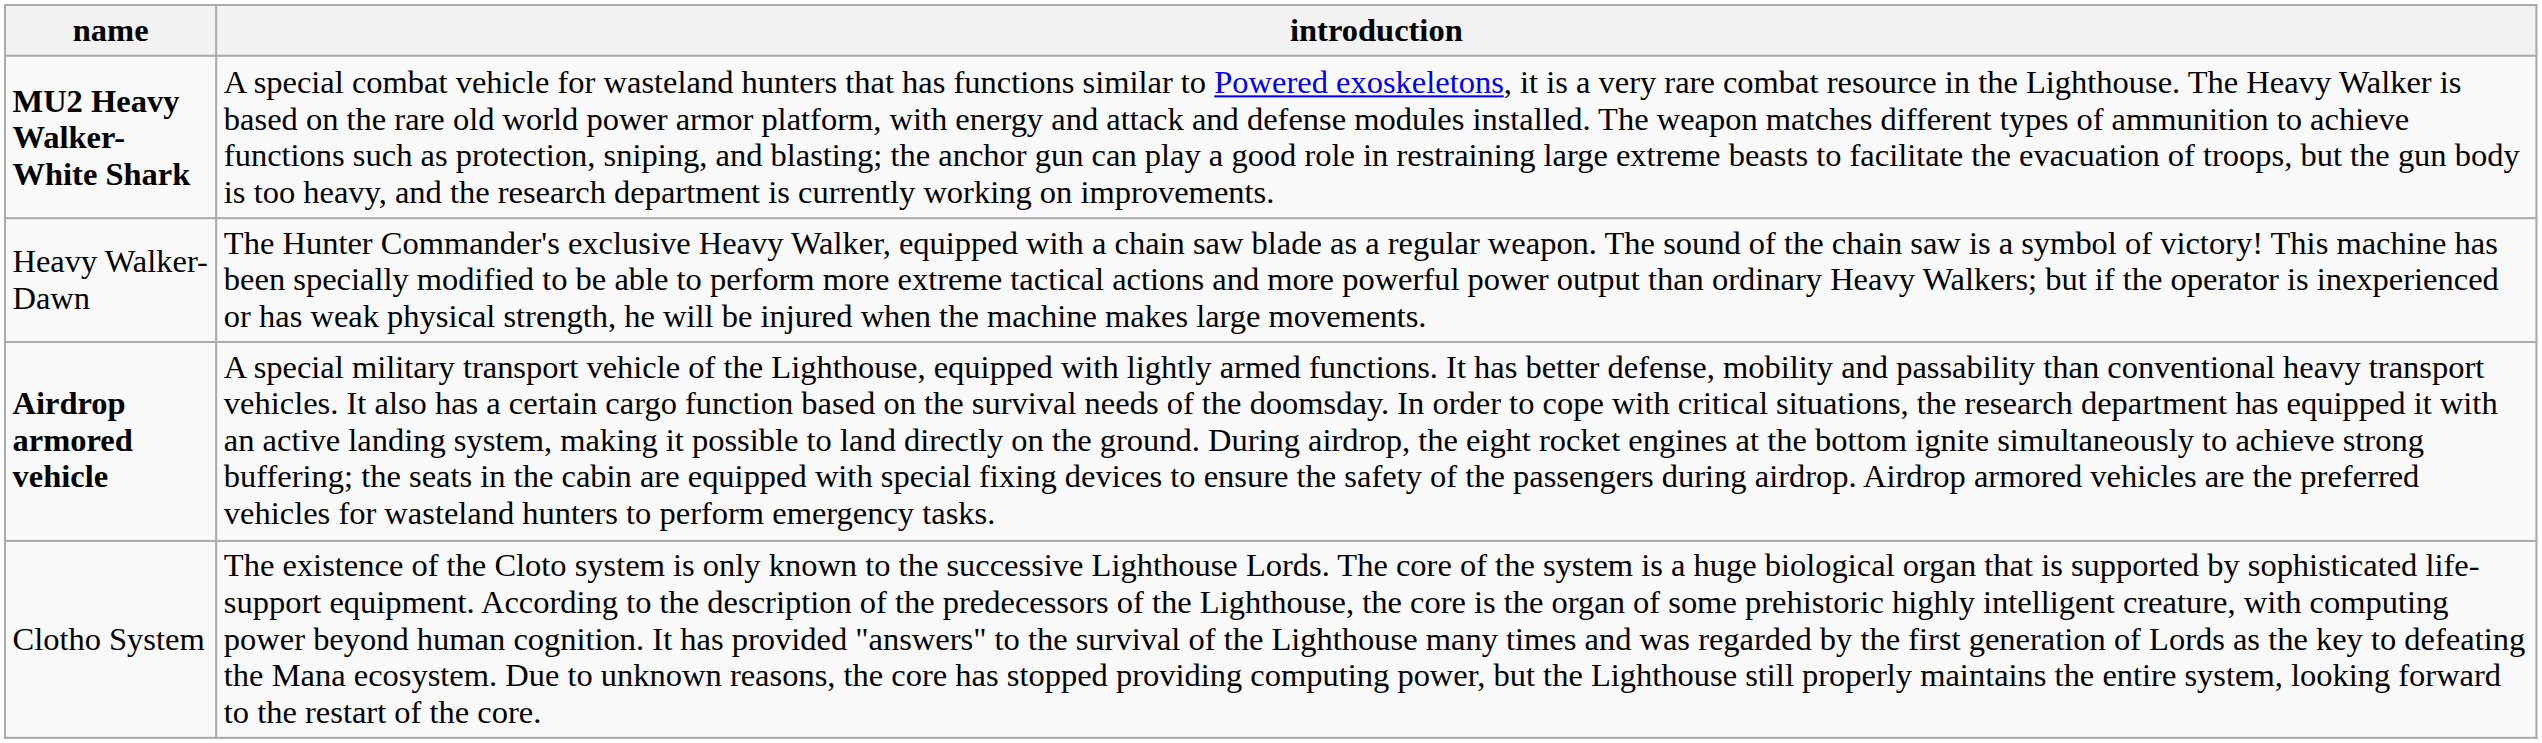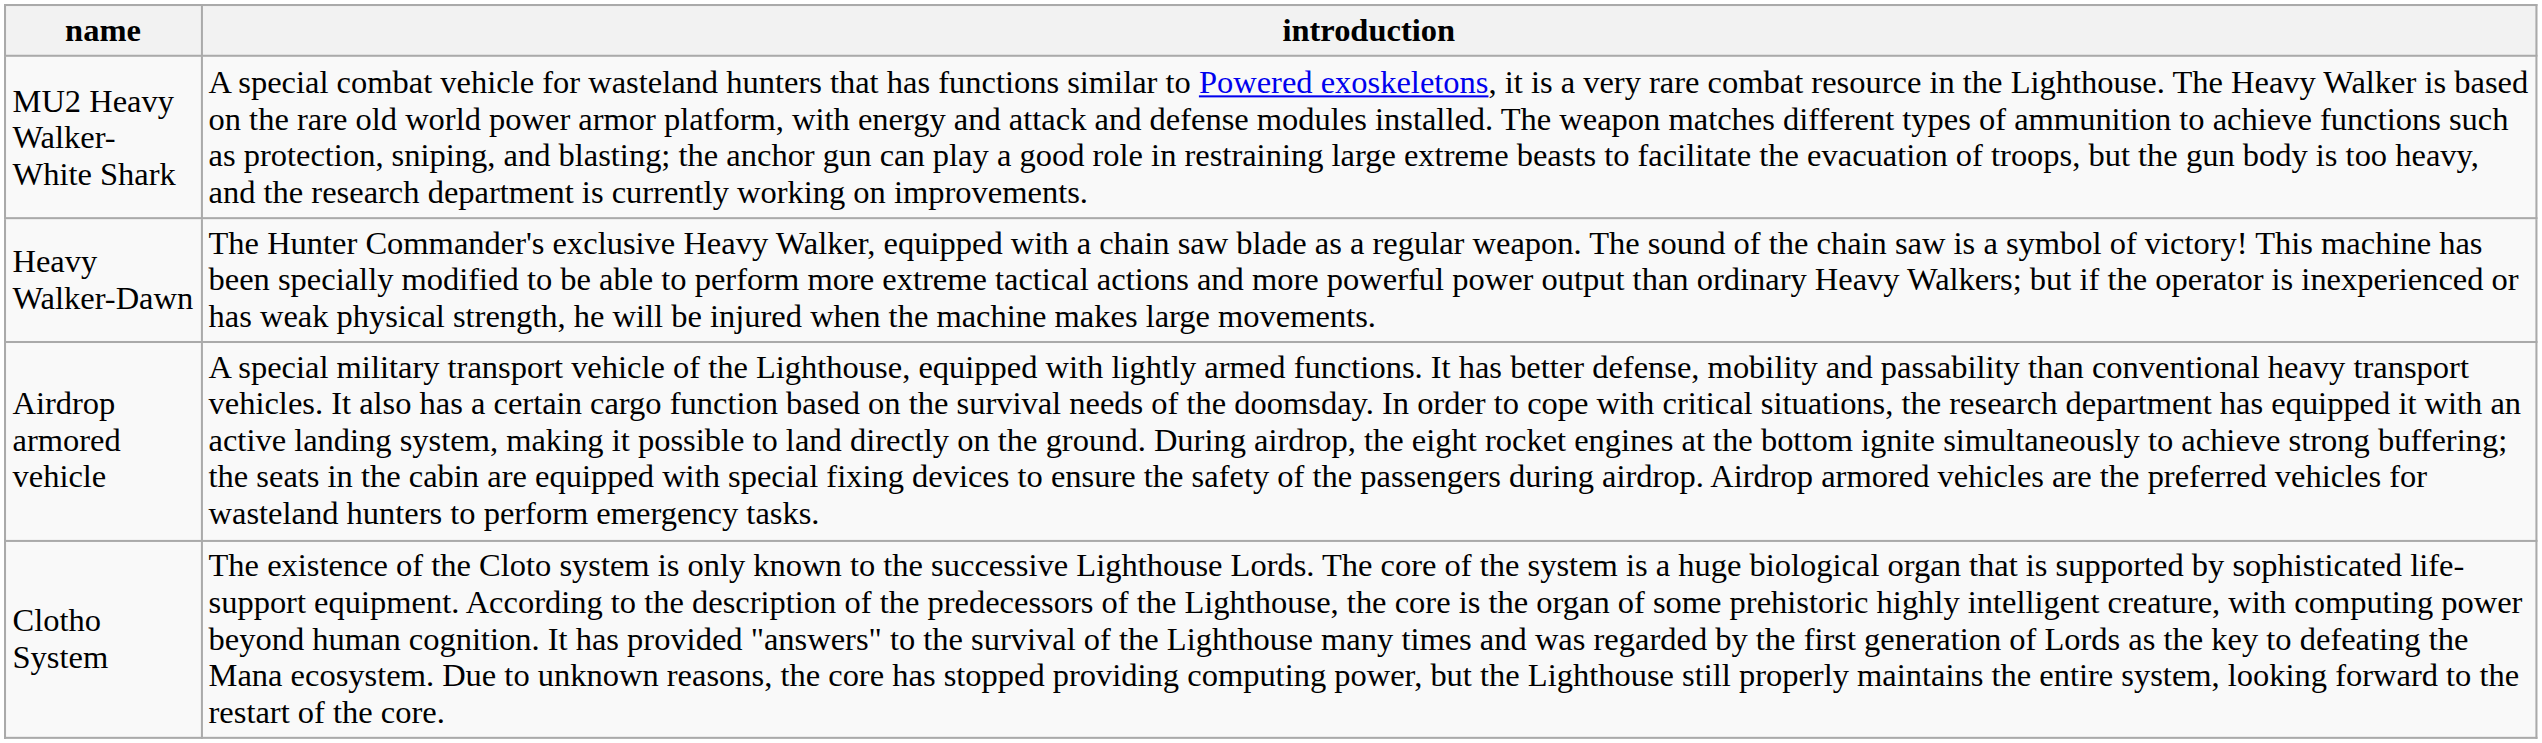 <table class="wikitable">
 <tr>
 <th>name</th>
 <th>introduction</th>
 </tr>
 <tr>
-<td><strong>MU2 Heavy Walker-White Shark</strong></td>
+<td>MU2 Heavy Walker-White Shark</td>
 <td>A special combat vehicle for wasteland hunters that has functions similar to <a href='#'>Powered exoskeletons</a>, it is a very rare combat resource in the Lighthouse. The Heavy Walker is based on the rare old world power armor platform, with energy and attack and defense modules installed. The weapon matches different types of ammunition to achieve functions such as protection, sniping, and blasting; the anchor gun can play a good role in restraining large extreme beasts to facilitate the evacuation of troops, but the gun body is too heavy, and the research department is currently working on improvements.</td>
 </tr>
 <tr>
 <td>Heavy Walker-Dawn</td>
 <td>The Hunter Commander's exclusive Heavy Walker, equipped with a chain saw blade as a regular weapon. The sound of the chain saw is a symbol of victory! This machine has been specially modified to be able to perform more extreme tactical actions and more powerful power output than ordinary Heavy Walkers; but if the operator is inexperienced or has weak physical strength, he will be injured when the machine makes large movements.</td>
 </tr>
 <tr>
-<td><strong>Airdrop armored vehicle</strong></td>
+<td>Airdrop armored vehicle</td>
 <td>A special military transport vehicle of the Lighthouse, equipped with lightly armed functions. It has better defense, mobility and passability than conventional heavy transport vehicles. It also has a certain cargo function based on the survival needs of the doomsday. In order to cope with critical situations, the research department has equipped it with an active landing system, making it possible to land directly on the ground. During airdrop, the eight rocket engines at the bottom ignite simultaneously to achieve strong buffering; the seats in the cabin are equipped with special fixing devices to ensure the safety of the passengers during airdrop. Airdrop armored vehicles are the preferred vehicles for wasteland hunters to perform emergency tasks.</td>
 </tr>
 <tr>
 <td>Clotho System</td>
 <td>The existence of the Cloto system is only known to the successive Lighthouse Lords. The core of the system is a huge biological organ that is supported by sophisticated life-support equipment. According to the description of the predecessors of the Lighthouse, the core is the organ of some prehistoric highly intelligent creature, with computing power beyond human cognition. It has provided "answers" to the survival of the Lighthouse many times and was regarded by the first generation of Lords as the key to defeating the Mana ecosystem. Due to unknown reasons, the core has stopped providing computing power, but the Lighthouse still properly maintains the entire system, looking forward to the restart of the core.</td>
 </tr>
 </table>
